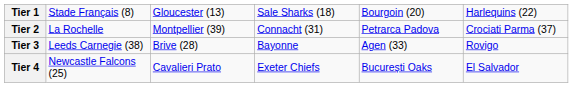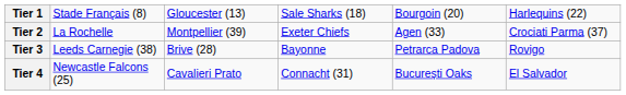 <table class="wikitable">
 <tr>
 <th width=6%>Tier 1</th>
 <td width=15%><a href='#'>Stade Français</a> (8)</td>
 <td width=15%><a href='#'>Gloucester</a> (13)</td>
 <td width=15%><a href='#'>Sale Sharks</a> (18)</td>
 <td width=15%><a href='#'>Bourgoin</a> (20)</td>
 <td width=15%><a href='#'>Harlequins</a> (22)</td>
 </tr>
 <tr>
 <th>Tier 2</th>
 <td><a href='#'>La Rochelle</a></td>
 <td><a href='#'>Montpellier</a> (39)</td>
-<td> <a href='#'>Connacht</a> (31)</td>
-<td><a href='#'>Petrarca Padova</a></td>
+<td><a href='#'>Exeter Chiefs</a></td>
+<td><a href='#'>Agen</a> (33)</td>
 <td><a href='#'>Crociati Parma</a> (37)</td>
 </tr>
 <tr>
 <th>Tier 3</th>
 <td><a href='#'>Leeds Carnegie</a> (38)</td>
 <td><a href='#'>Brive</a> (28)</td>
 <td><a href='#'>Bayonne</a></td>
-<td><a href='#'>Agen</a> (33)</td>
+<td><a href='#'>Petrarca Padova</a></td>
 <td><a href='#'>Rovigo</a></td>
 </tr>
 <tr>
 <th>Tier 4</th>
 <td><a href='#'>Newcastle Falcons</a> (25)</td>
 <td><a href='#'>Cavalieri Prato</a></td>
-<td><a href='#'>Exeter Chiefs</a></td>
+<td> <a href='#'>Connacht</a> (31)</td>
 <td><a href='#'>București Oaks</a></td>
 <td><a href='#'>El Salvador</a></td>
 </tr>
 </table>
